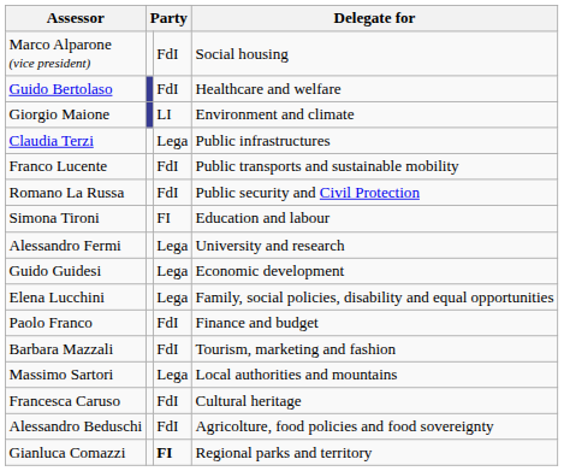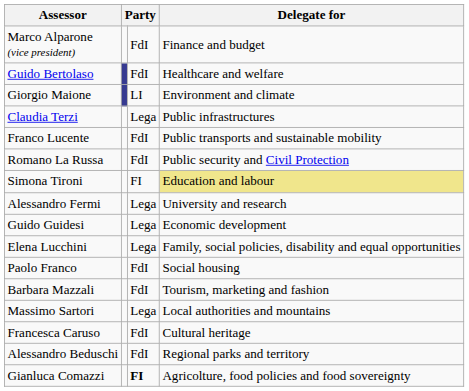 <table class="wikitable" style="font-size:95%;">
 <tr>
 <th>Assessor</th>
 <th colspan="2">Party</th>
 <th>Delegate for</th>
 </tr>
 <tr>
 <td>Marco Alparone<br><small><em>(vice president)</em></small></td>
 <td style="background:"></td>
 <td>FdI</td>
-<td>Social housing</td>
+<td>Finance and budget</td>
 </tr>
 <tr>
 <td><a href='#'>Guido Bertolaso</a></td>
 <td style="background:#363A91;"></td>
 <td>FdI</td>
 <td>Healthcare and welfare</td>
 </tr>
 <tr>
 <td>Giorgio Maione</td>
 <td style="background:#363A91;"></td>
 <td>LI</td>
 <td>Environment and climate</td>
 </tr>
 <tr>
 <td><a href='#'>Claudia Terzi</a></td>
 <td style="background:"></td>
 <td>Lega</td>
 <td>Public infrastructures</td>
 </tr>
 <tr>
 <td>Franco Lucente</td>
 <td style="background:"></td>
 <td>FdI</td>
 <td>Public transports and sustainable mobility</td>
 </tr>
 <tr>
 <td>Romano La Russa</td>
 <td style="background:"></td>
 <td>FdI</td>
 <td>Public security and <a href='#'>Civil Protection</a></td>
 </tr>
 <tr>
 <td>Simona Tironi</td>
 <td style="background:"></td>
 <td>FI</td>
-<td>Education and labour</td>
+<td style="background: khaki;">Education and labour</td>
 </tr>
 <tr>
 <td>Alessandro Fermi</td>
 <td style="background:"></td>
 <td>Lega</td>
 <td>University and research</td>
 </tr>
 <tr>
 <td>Guido Guidesi</td>
 <td style="background:"></td>
 <td>Lega</td>
 <td>Economic development</td>
 </tr>
 <tr>
 <td>Elena Lucchini</td>
 <td style="background:"></td>
 <td>Lega</td>
 <td>Family, social policies, disability and equal opportunities</td>
 </tr>
 <tr>
 <td>Paolo Franco</td>
 <td style="background:"></td>
 <td>FdI</td>
-<td>Finance and budget</td>
+<td>Social housing</td>
 </tr>
 <tr>
 <td>Barbara Mazzali</td>
 <td style="background:"></td>
 <td>FdI</td>
 <td>Tourism, marketing and fashion</td>
 </tr>
 <tr>
 <td>Massimo Sartori</td>
 <td style="background:"></td>
 <td>Lega</td>
 <td>Local authorities and mountains</td>
 </tr>
 <tr>
 <td>Francesca Caruso</td>
 <td style="background:"></td>
 <td>FdI</td>
 <td>Cultural heritage</td>
 </tr>
 <tr>
 <td>Alessandro Beduschi</td>
 <td style="background:"></td>
 <td>FdI</td>
-<td>Agricolture, food policies and food sovereignty</td>
+<td>Regional parks and territory</td>
 </tr>
 <tr>
 <td>Gianluca Comazzi</td>
 <td style="background:"></td>
 <td><strong>FI</strong></td>
-<td>Regional parks and territory</td>
+<td>Agricolture, food policies and food sovereignty</td>
 </tr>
 </table>
